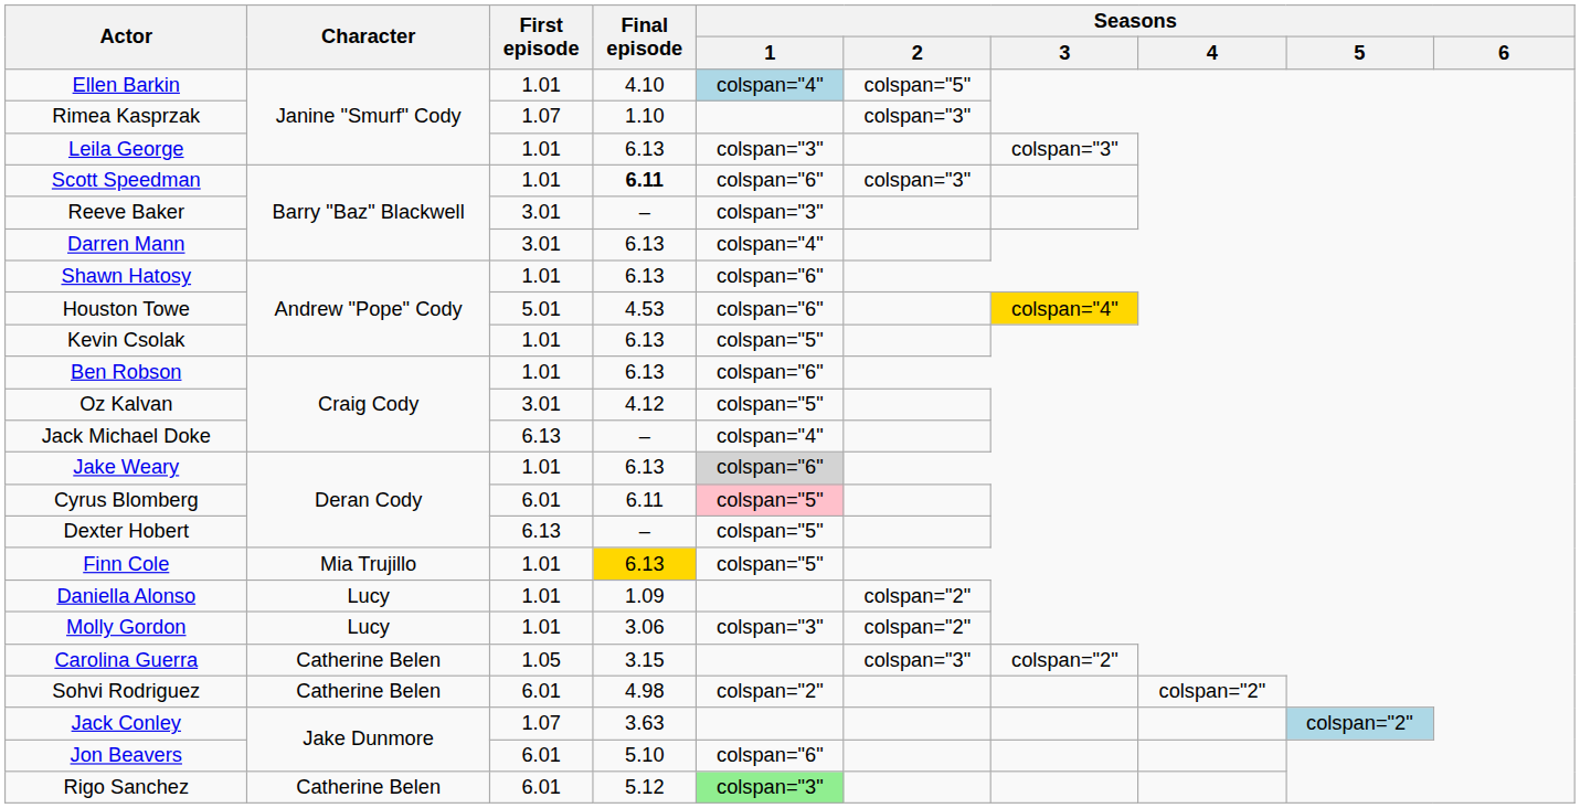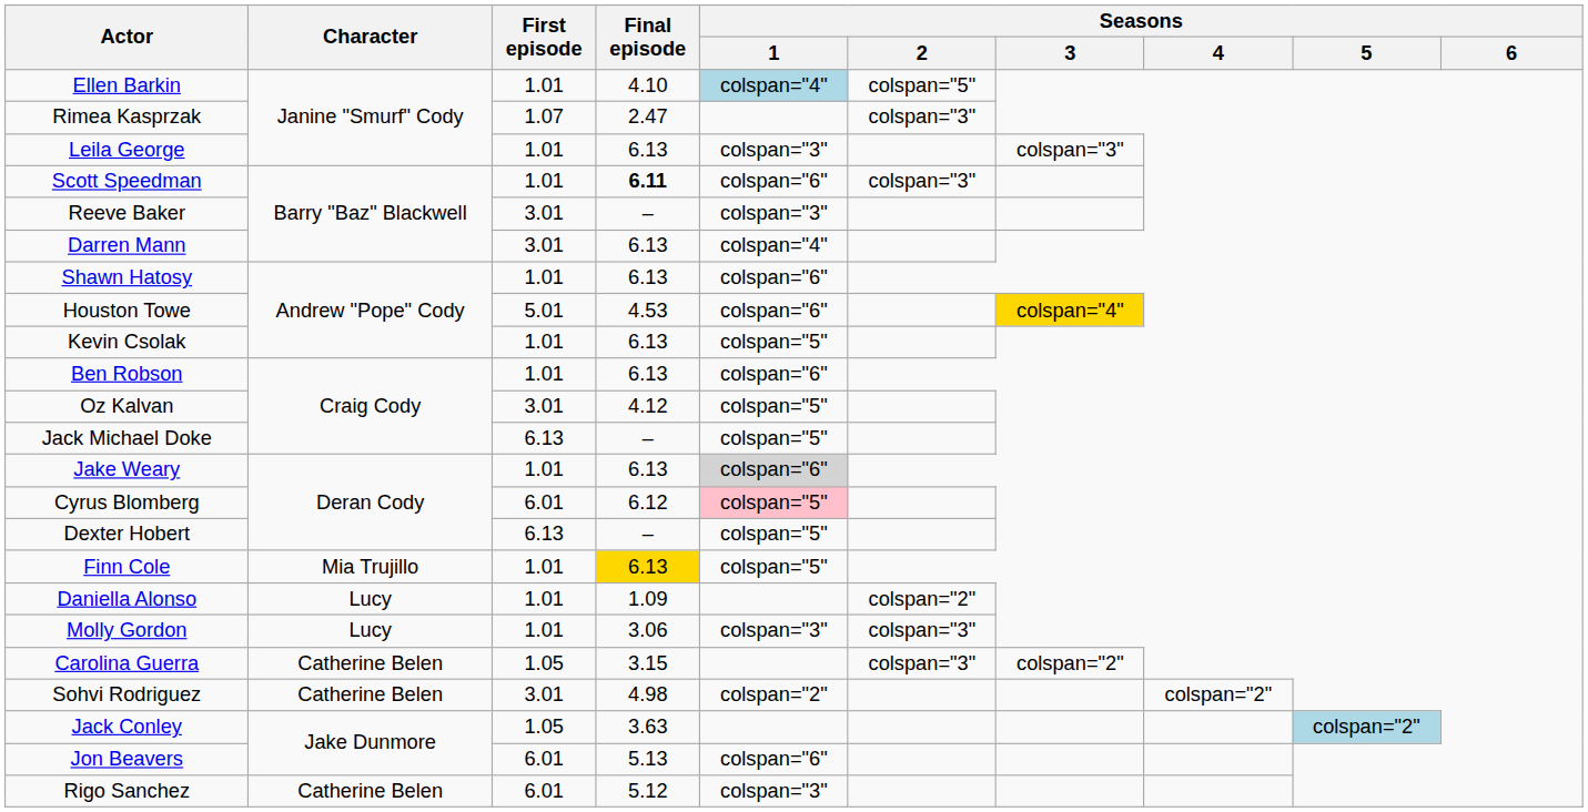 <table class="wikitable plainrowheaders" style="text-align:center">
 <tr>
 <th rowspan="2" style="width:12%;" scope="col">Actor</th>
 <th rowspan="2" style="width:12%;" scope="col">Character</th>
 <th rowspan="2" style="width:4%;" scope="col">First <br>episode</th>
 <th rowspan="2" style="width:4%;" scope="col">Final <br>episode</th>
 <th colspan="7">Seasons</th>
 </tr>
 <tr>
 <th style="width:7%;" scope="col">1</th>
 <th style="width:7%;" scope="col">2</th>
 <th style="width:7%;" scope="col">3</th>
 <th style="width:7%;" scope="col">4</th>
 <th style="width:7%;" scope="col">5</th>
 <th style="width:7%;" scope="col">6</th>
 </tr>
 <tr>
 <td><a href='#'>Ellen Barkin</a></td>
 <td rowspan="3">Janine "Smurf" Cody</td>
 <td>1.01</td>
 <td>4.10</td>
 <td style="background: lightblue;">colspan="4" </td>
 <td>colspan="5" </td>
 </tr>
 <tr>
 <td>Rimea Kasprzak</td>
 <td>1.07</td>
-<td>1.10</td>
+<td>2.47</td>
 <td></td>
 <td>colspan="3" </td>
 </tr>
 <tr>
 <td><a href='#'>Leila George</a></td>
 <td>1.01</td>
 <td>6.13</td>
 <td>colspan="3" </td>
 <td></td>
 <td>colspan="3" </td>
 </tr>
 <tr>
 <td><a href='#'>Scott Speedman</a></td>
 <td rowspan="3">Barry "Baz" Blackwell</td>
 <td>1.01</td>
 <td><strong>6.11</strong></td>
 <td>colspan="6" </td>
 <td>colspan="3" </td>
 <td></td>
 </tr>
 <tr>
 <td>Reeve Baker</td>
 <td>3.01</td>
 <td>–</td>
 <td>colspan="3" </td>
 <td></td>
 <td></td>
 </tr>
 <tr>
 <td><a href='#'>Darren Mann</a></td>
 <td>3.01</td>
 <td>6.13</td>
 <td>colspan="4" </td>
 <td></td>
 </tr>
 <tr>
 <td><a href='#'>Shawn Hatosy</a></td>
 <td rowspan="3">Andrew "Pope" Cody</td>
 <td>1.01</td>
 <td>6.13</td>
 <td>colspan="6" </td>
 </tr>
 <tr>
 <td>Houston Towe</td>
 <td>5.01</td>
 <td>4.53</td>
 <td>colspan="6" </td>
 <td></td>
 <td style="background: gold;">colspan="4" </td>
 </tr>
 <tr>
 <td>Kevin Csolak</td>
 <td>1.01</td>
 <td>6.13</td>
 <td>colspan="5" </td>
 <td></td>
 </tr>
 <tr>
 <td><a href='#'>Ben Robson</a></td>
 <td rowspan="3">Craig Cody</td>
 <td>1.01</td>
 <td>6.13</td>
 <td>colspan="6" </td>
 </tr>
 <tr>
 <td>Oz Kalvan</td>
 <td>3.01</td>
 <td>4.12</td>
 <td>colspan="5" </td>
 <td></td>
 </tr>
 <tr>
 <td>Jack Michael Doke</td>
 <td>6.13</td>
 <td>–</td>
-<td>colspan="4" </td>
+<td>colspan="5" </td>
 <td></td>
 </tr>
 <tr>
 <td><a href='#'>Jake Weary</a></td>
 <td rowspan="3">Deran Cody</td>
 <td>1.01</td>
 <td>6.13</td>
 <td style="background: lightgrey;">colspan="6" </td>
 </tr>
 <tr>
 <td>Cyrus Blomberg</td>
 <td>6.01</td>
-<td>6.11</td>
+<td>6.12</td>
 <td style="background: pink;">colspan="5" </td>
 <td></td>
 </tr>
 <tr>
 <td>Dexter Hobert</td>
 <td>6.13</td>
 <td>–</td>
 <td>colspan="5" </td>
 <td></td>
 </tr>
 <tr>
 <td><a href='#'>Finn Cole</a></td>
 <td>Mia Trujillo</td>
 <td>1.01</td>
 <td style="background: gold;">6.13</td>
 <td>colspan="5" </td>
 </tr>
 <tr>
 <td><a href='#'>Daniella Alonso</a></td>
 <td>Lucy</td>
 <td>1.01</td>
 <td>1.09</td>
 <td></td>
 <td>colspan="2" </td>
 </tr>
 <tr>
 <td><a href='#'>Molly Gordon</a></td>
 <td>Lucy</td>
 <td>1.01</td>
 <td>3.06</td>
 <td>colspan="3" </td>
-<td>colspan="2" </td>
+<td>colspan="3" </td>
 </tr>
 <tr>
 <td><a href='#'>Carolina Guerra</a></td>
 <td>Catherine Belen</td>
 <td>1.05</td>
 <td>3.15</td>
 <td></td>
 <td>colspan="3" </td>
 <td>colspan="2" </td>
 </tr>
 <tr>
 <td>Sohvi Rodriguez</td>
 <td>Catherine Belen</td>
-<td>6.01</td>
+<td>3.01</td>
 <td>4.98</td>
 <td>colspan="2" </td>
 <td></td>
 <td></td>
 <td>colspan="2" </td>
 </tr>
 <tr>
 <td><a href='#'>Jack Conley</a></td>
 <td rowspan="2">Jake Dunmore</td>
-<td>1.07</td>
+<td>1.05</td>
 <td>3.63</td>
 <td></td>
 <td></td>
 <td></td>
 <td></td>
 <td style="background: lightblue;">colspan="2" </td>
 </tr>
 <tr>
 <td><a href='#'>Jon Beavers</a></td>
 <td>6.01</td>
-<td>5.10</td>
+<td>5.13</td>
 <td>colspan="6" </td>
 <td></td>
 <td></td>
 <td></td>
 </tr>
 <tr>
 <td>Rigo Sanchez</td>
 <td>Catherine Belen</td>
 <td>6.01</td>
 <td>5.12</td>
-<td style="background: lightgreen;">colspan="3" </td>
+<td>colspan="3" </td>
 <td></td>
 <td></td>
 <td></td>
 </tr>
 </table>
